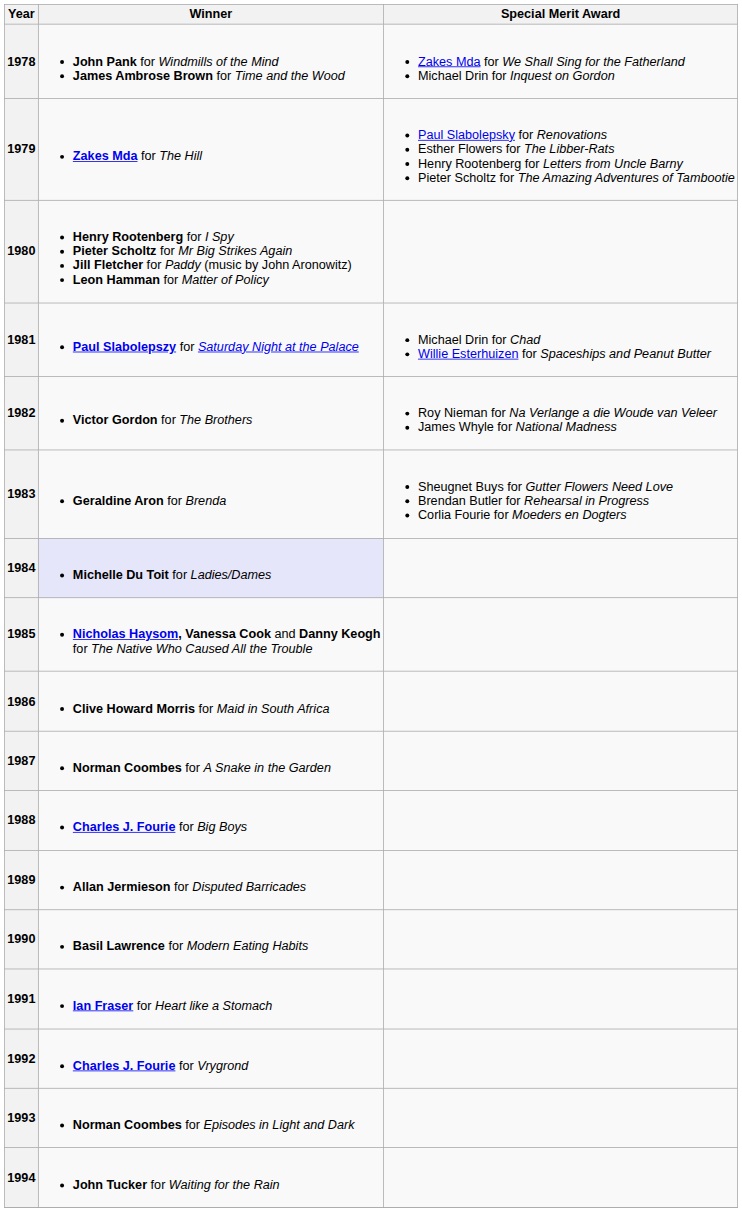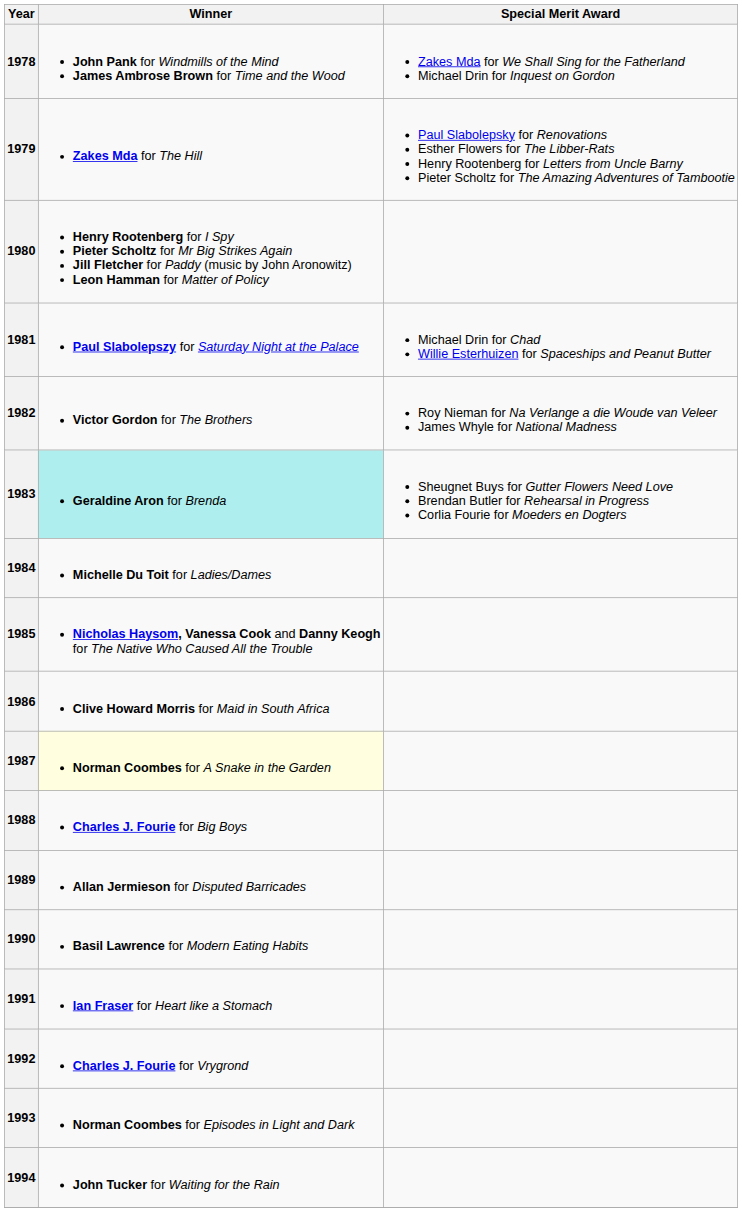 <table class="wikitable">
 <tr>
 <th>Year</th>
 <th>Winner</th>
 <th>Special Merit Award</th>
 </tr>
 <tr>
 <th>1978</th>
 <td><br><ul><li><strong>John Pank</strong> for <em>Windmills of the Mind</em></li><li><strong>James Ambrose Brown</strong> for <em>Time and the Wood</em></li></ul></td>
 <td><br><ul><li><a href='#'>Zakes Mda</a> for <em>We Shall Sing for the Fatherland</em></li><li>Michael Drin for <em>Inquest on Gordon</em></li></ul></td>
 </tr>
 <tr>
 <th>1979</th>
 <td><br><ul><li><strong><a href='#'>Zakes Mda</a></strong> for <em>The Hill</em></li></ul></td>
 <td><br><ul><li><a href='#'>Paul Slabolepsky</a> for <em>Renovations</em></li><li>Esther Flowers for <em>The Libber-Rats</em></li><li>Henry Rootenberg for <em>Letters from Uncle Barny</em></li><li>Pieter Scholtz for <em>The Amazing Adventures of Tambootie</em></li></ul></td>
 </tr>
 <tr>
 <th>1980</th>
 <td><br><ul><li><strong>Henry Rootenberg</strong> for <em>I Spy</em></li><li><strong>Pieter Scholtz</strong> for <em>Mr Big Strikes Again</em></li><li><strong>Jill Fletcher</strong> for <em>Paddy</em> (music by John Aronowitz)</li><li><strong>Leon Hamman</strong> for <em>Matter of Policy</em></li></ul></td>
 <td></td>
 </tr>
 <tr>
 <th>1981</th>
 <td><br><ul><li><strong><a href='#'>Paul Slabolepszy</a></strong> for <em><a href='#'>Saturday Night at the Palace</a></em></li></ul></td>
 <td><br><ul><li>Michael Drin for <em>Chad</em></li><li><a href='#'>Willie Esterhuizen</a> for <em>Spaceships and Peanut Butter</em></li></ul></td>
 </tr>
 <tr>
 <th>1982</th>
 <td><br><ul><li><strong>Victor Gordon</strong> for <em>The Brothers</em></li></ul></td>
 <td><br><ul><li>Roy Nieman for <em>Na Verlange a die Woude van Veleer</em></li><li>James Whyle for <em>National Madness</em></li></ul></td>
 </tr>
 <tr>
 <th>1983</th>
-<td><br><ul><li><strong>Geraldine Aron</strong> for <em>Brenda</em></li></ul></td>
+<td style="background: paleturquoise;"><br><ul><li><strong>Geraldine Aron</strong> for <em>Brenda</em></li></ul></td>
 <td><br><ul><li>Sheugnet Buys for <em>Gutter Flowers Need Love</em></li><li>Brendan Butler for <em>Rehearsal in Progress</em></li><li>Corlia Fourie for <em>Moeders en Dogters</em></li></ul></td>
 </tr>
 <tr>
 <th>1984</th>
-<td style="background: lavender;"><br><ul><li><strong>Michelle Du Toit</strong> for <em>Ladies/Dames</em></li></ul></td>
+<td><br><ul><li><strong>Michelle Du Toit</strong> for <em>Ladies/Dames</em></li></ul></td>
 <td></td>
 </tr>
 <tr>
 <th>1985</th>
 <td><br><ul><li><strong><a href='#'>Nicholas Haysom</a>, Vanessa Cook</strong> and <strong>Danny Keogh</strong><br>for <em>The Native Who Caused All the Trouble</em></li></ul></td>
 <td></td>
 </tr>
 <tr>
 <th>1986</th>
 <td><br><ul><li><strong>Clive Howard Morris</strong> for <em>Maid in South Africa</em></li></ul></td>
 <td></td>
 </tr>
 <tr>
 <th>1987</th>
-<td><br><ul><li><strong>Norman Coombes</strong> for <em>A Snake in the Garden</em></li></ul></td>
+<td style="background: lightyellow;"><br><ul><li><strong>Norman Coombes</strong> for <em>A Snake in the Garden</em></li></ul></td>
 <td></td>
 </tr>
 <tr>
 <th>1988</th>
 <td><br><ul><li><strong><a href='#'>Charles J. Fourie</a></strong> for <em>Big Boys</em></li></ul></td>
 <td></td>
 </tr>
 <tr>
 <th>1989</th>
 <td><br><ul><li><strong>Allan Jermieson</strong> for <em>Disputed Barricades</em></li></ul></td>
 <td></td>
 </tr>
 <tr>
 <th>1990</th>
 <td><br><ul><li><strong>Basil Lawrence</strong> for <em>Modern Eating Habits</em></li></ul></td>
 <td></td>
 </tr>
 <tr>
 <th>1991</th>
 <td><br><ul><li><strong><a href='#'>Ian Fraser</a></strong> for <em>Heart like a Stomach</em></li></ul></td>
 <td></td>
 </tr>
 <tr>
 <th>1992</th>
 <td><br><ul><li><strong><a href='#'>Charles J. Fourie</a></strong> for <em>Vrygrond</em></li></ul></td>
 <td></td>
 </tr>
 <tr>
 <th>1993</th>
 <td><br><ul><li><strong>Norman Coombes</strong> for <em>Episodes in Light and Dark</em></li></ul></td>
 <td></td>
 </tr>
 <tr>
 <th>1994</th>
 <td><br><ul><li><strong>John Tucker</strong> for <em>Waiting for the Rain</em></li></ul></td>
 <td></td>
 </tr>
 <tr>
 </tr>
 </table>
